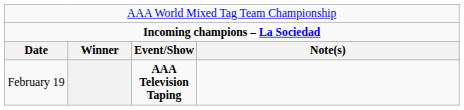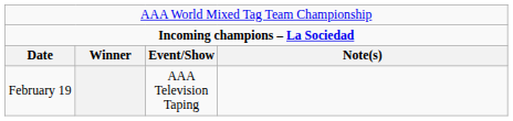 <table class="wikitable" style="text-align:center; width:100%;">
 <tr>
 <td colspan="5"><a href='#'>AAA World Mixed Tag Team Championship</a></td>
 </tr>
 <tr>
 <td colspan="5"><strong>Incoming champions – <a href='#'>La Sociedad</a> </strong></td>
 </tr>
 <tr>
 <th width="14%">Date</th>
 <th width="14%">Winner</th>
 <th width="14%">Event/Show</th>
 <th width="58%">Note(s)</th>
 </tr>
 <tr>
 <td>February 19</td>
 <th></th>
-<td><strong>AAA Television Taping</strong></td>
+<td>AAA Television Taping</td>
 <td align="left"></td>
 </tr>
 </table>
